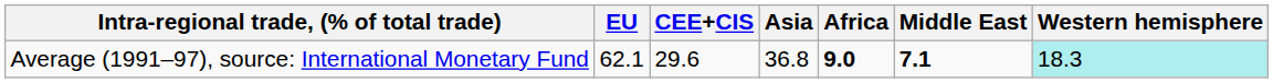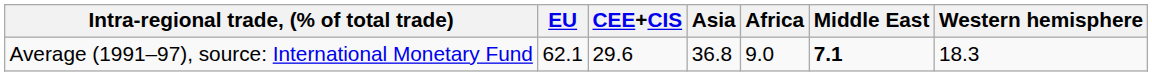 <table class="wikitable">
 <tr>
 <th>Intra-regional trade, (% of total trade)</th>
 <th><a href='#'>EU</a></th>
 <th><a href='#'>CEE</a>+<a href='#'>CIS</a></th>
 <th>Asia</th>
 <th>Africa</th>
 <th>Middle East</th>
 <th>Western hemisphere</th>
 </tr>
 <tr>
 <td>Average (1991–97), source: <a href='#'>International Monetary Fund</a></td>
 <td>62.1</td>
 <td>29.6</td>
 <td>36.8</td>
-<td><strong>9.0</strong></td>
+<td>9.0</td>
 <td><strong>7.1</strong></td>
-<td style="background: paleturquoise;">18.3</td>
+<td>18.3</td>
 </tr>
 </table>
